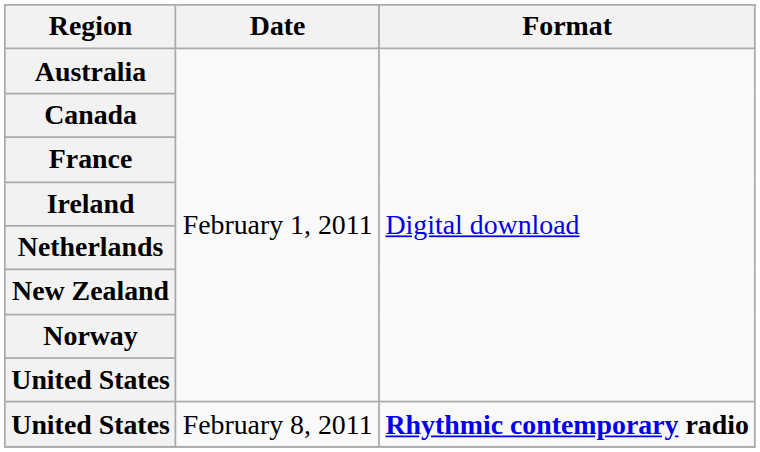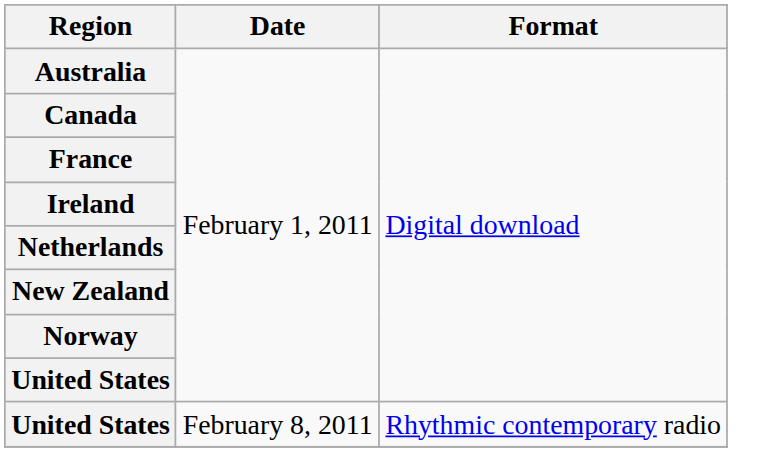 <table class="wikitable plainrowheaders">
 <tr>
 <th scope="col">Region</th>
 <th scope="col">Date</th>
 <th scope="col">Format</th>
 </tr>
 <tr>
 <th scope="row">Australia</th>
 <td rowspan="8">February 1, 2011</td>
 <td rowspan="8"><a href='#'>Digital download</a></td>
 </tr>
 <tr>
 <th scope="row">Canada</th>
 </tr>
 <tr>
 <th scope="row">France</th>
 </tr>
 <tr>
 <th scope="row">Ireland</th>
 </tr>
 <tr>
 <th scope="row">Netherlands</th>
 </tr>
 <tr>
 <th scope="row">New Zealand</th>
 </tr>
 <tr>
 <th scope="row">Norway</th>
 </tr>
 <tr>
 <th scope="row">United States</th>
 </tr>
 <tr>
 <th scope="row">United States</th>
 <td>February 8, 2011</td>
-<td><strong><a href='#'>Rhythmic contemporary</a> radio</strong></td>
+<td><a href='#'>Rhythmic contemporary</a> radio</td>
 </tr>
 <tr>
 </tr>
 </table>
